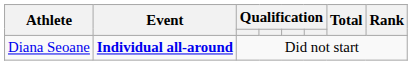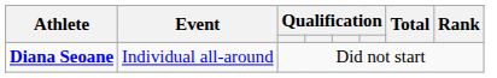 <table class="wikitable" style="font-size:90%">
 <tr>
 <th rowspan=2>Athlete</th>
 <th rowspan=2>Event</th>
 <th colspan=4>Qualification</th>
 <th rowspan=2>Total</th>
 <th rowspan=2>Rank</th>
 </tr>
 <tr style="font-size:95%">
 <th></th>
 <th></th>
 <th></th>
 <th></th>
 </tr>
 <tr align=center>
-<td align=left><a href='#'>Diana Seoane</a></td>
-<td align=left><strong><a href='#'>Individual all-around</a></strong></td>
+<td align=left><strong><a href='#'>Diana Seoane</a></strong></td>
+<td align=left><a href='#'>Individual all-around</a></td>
 <td colspan="6">Did not start</td>
 </tr>
 </table>
